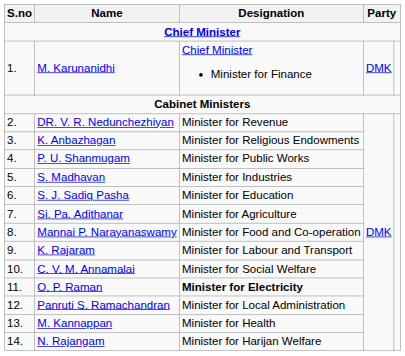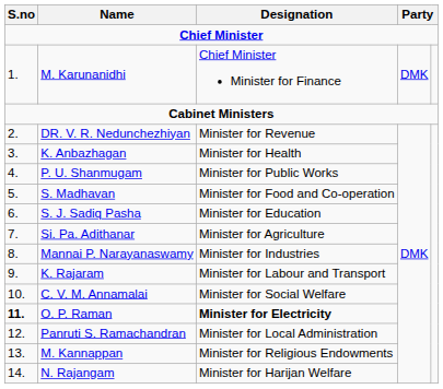 <table class="wikitable">
 <tr>
 <th>S.no</th>
 <th>Name</th>
 <th>Designation</th>
 <th colspan="2" scope="col">Party</th>
 </tr>
 <tr>
 <td colspan="5" style="text-align: center;"><strong><a href='#'>Chief Minister</a></strong></td>
 </tr>
 <tr>
 <td>1.</td>
 <td><a href='#'>M. Karunanidhi</a></td>
 <td><a href='#'>Chief Minister</a><br><ul><li>Minister for Finance</li></ul></td>
 <td><a href='#'>DMK</a></td>
 <td width="1px" style="background-color: "></td>
 </tr>
 <tr>
 <td colspan="5" style="text-align: center;"><strong>Cabinet Ministers</strong></td>
 </tr>
 <tr>
 <td>2.</td>
 <td><a href='#'>DR. V. R. Nedunchezhiyan</a></td>
 <td>Minister for Revenue</td>
 <td rowspan="32"><a href='#'>DMK</a></td>
 <td rowspan="32" width="1px" style="background-color: "></td>
 </tr>
 <tr>
 <td>3.</td>
 <td><a href='#'>K. Anbazhagan</a></td>
-<td>Minister for Religious Endowments</td>
+<td>Minister for Health</td>
 </tr>
 <tr>
 <td>4.</td>
 <td><a href='#'>P. U. Shanmugam</a></td>
 <td>Minister for Public Works</td>
 </tr>
 <tr>
 <td>5.</td>
 <td><a href='#'>S. Madhavan</a></td>
-<td>Minister for Industries</td>
+<td>Minister for Food and Co-operation</td>
 </tr>
 <tr>
 <td>6.</td>
 <td><a href='#'>S. J. Sadiq Pasha</a></td>
 <td>Minister for Education</td>
 </tr>
 <tr>
 <td>7.</td>
 <td><a href='#'>Si. Pa. Adithanar</a></td>
 <td>Minister for Agriculture</td>
 </tr>
 <tr>
 <td>8.</td>
 <td><a href='#'>Mannai P. Narayanaswamy</a></td>
-<td>Minister for Food and Co-operation</td>
+<td>Minister for Industries</td>
 </tr>
 <tr>
 <td>9.</td>
 <td><a href='#'>K. Rajaram</a></td>
 <td>Minister for Labour and Transport</td>
 </tr>
 <tr>
 <td>10.</td>
 <td><a href='#'>C. V. M. Annamalai</a></td>
 <td>Minister for Social Welfare</td>
 </tr>
 <tr>
-<td>11.</td>
+<td><strong>11.</strong></td>
 <td><a href='#'>O. P. Raman</a></td>
 <td><strong>Minister for Electricity</strong></td>
 </tr>
 <tr>
 <td>12.</td>
 <td><a href='#'>Panruti S. Ramachandran</a></td>
 <td>Minister for Local Administration</td>
 </tr>
 <tr>
 <td>13.</td>
 <td><a href='#'>M. Kannappan</a></td>
-<td>Minister for Health</td>
+<td>Minister for Religious Endowments</td>
 </tr>
 <tr>
 <td>14.</td>
 <td><a href='#'>N. Rajangam</a></td>
 <td>Minister for Harijan Welfare</td>
 </tr>
 </table>
